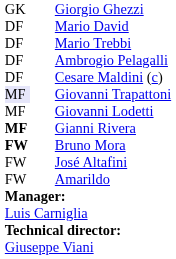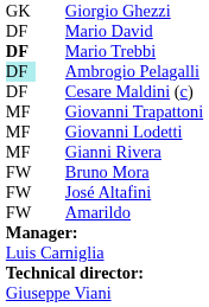 <table style="font-size: 90%" cellspacing="0" cellpadding="0" align=center>
 <tr>
 <td colspan=4></td>
 </tr>
 <tr>
 <th width=25></th>
 <th width=25></th>
 </tr>
 <tr>
 <td>GK</td>
 <td></td>
 <td> <a href='#'>Giorgio Ghezzi</a></td>
 </tr>
 <tr>
 <td>DF</td>
 <td></td>
 <td> <a href='#'>Mario David</a></td>
 </tr>
 <tr>
-<td>DF</td>
+<td><strong>DF</strong></td>
 <td></td>
 <td> <a href='#'>Mario Trebbi</a></td>
 </tr>
 <tr>
-<td>DF</td>
+<td style="background: paleturquoise;">DF</td>
 <td></td>
 <td> <a href='#'>Ambrogio Pelagalli</a></td>
 </tr>
 <tr>
 <td>DF</td>
 <td></td>
 <td> <a href='#'>Cesare Maldini</a> (<a href='#'>c</a>)</td>
 </tr>
 <tr>
-<td style="background: lavender;">MF</td>
+<td>MF</td>
 <td></td>
 <td> <a href='#'>Giovanni Trapattoni</a></td>
 </tr>
 <tr>
 <td>MF</td>
 <td></td>
 <td> <a href='#'>Giovanni Lodetti</a></td>
 </tr>
 <tr>
-<td><strong>MF</strong></td>
+<td>MF</td>
 <td></td>
 <td> <a href='#'>Gianni Rivera</a></td>
 </tr>
 <tr>
-<td><strong>FW</strong></td>
+<td>FW</td>
 <td></td>
 <td> <a href='#'>Bruno Mora</a></td>
 </tr>
 <tr>
 <td>FW</td>
 <td></td>
 <td> <a href='#'>José Altafini</a></td>
 </tr>
 <tr>
 <td>FW</td>
 <td></td>
 <td> <a href='#'>Amarildo</a></td>
 </tr>
 <tr>
 <td colspan=3><strong>Manager:</strong></td>
 </tr>
 <tr>
 <td colspan=4> <a href='#'>Luis Carniglia</a></td>
 </tr>
 <tr>
 <td colspan=3><strong>Technical director:</strong></td>
 </tr>
 <tr>
 <td colspan=4> <a href='#'>Giuseppe Viani</a></td>
 </tr>
 </table>
